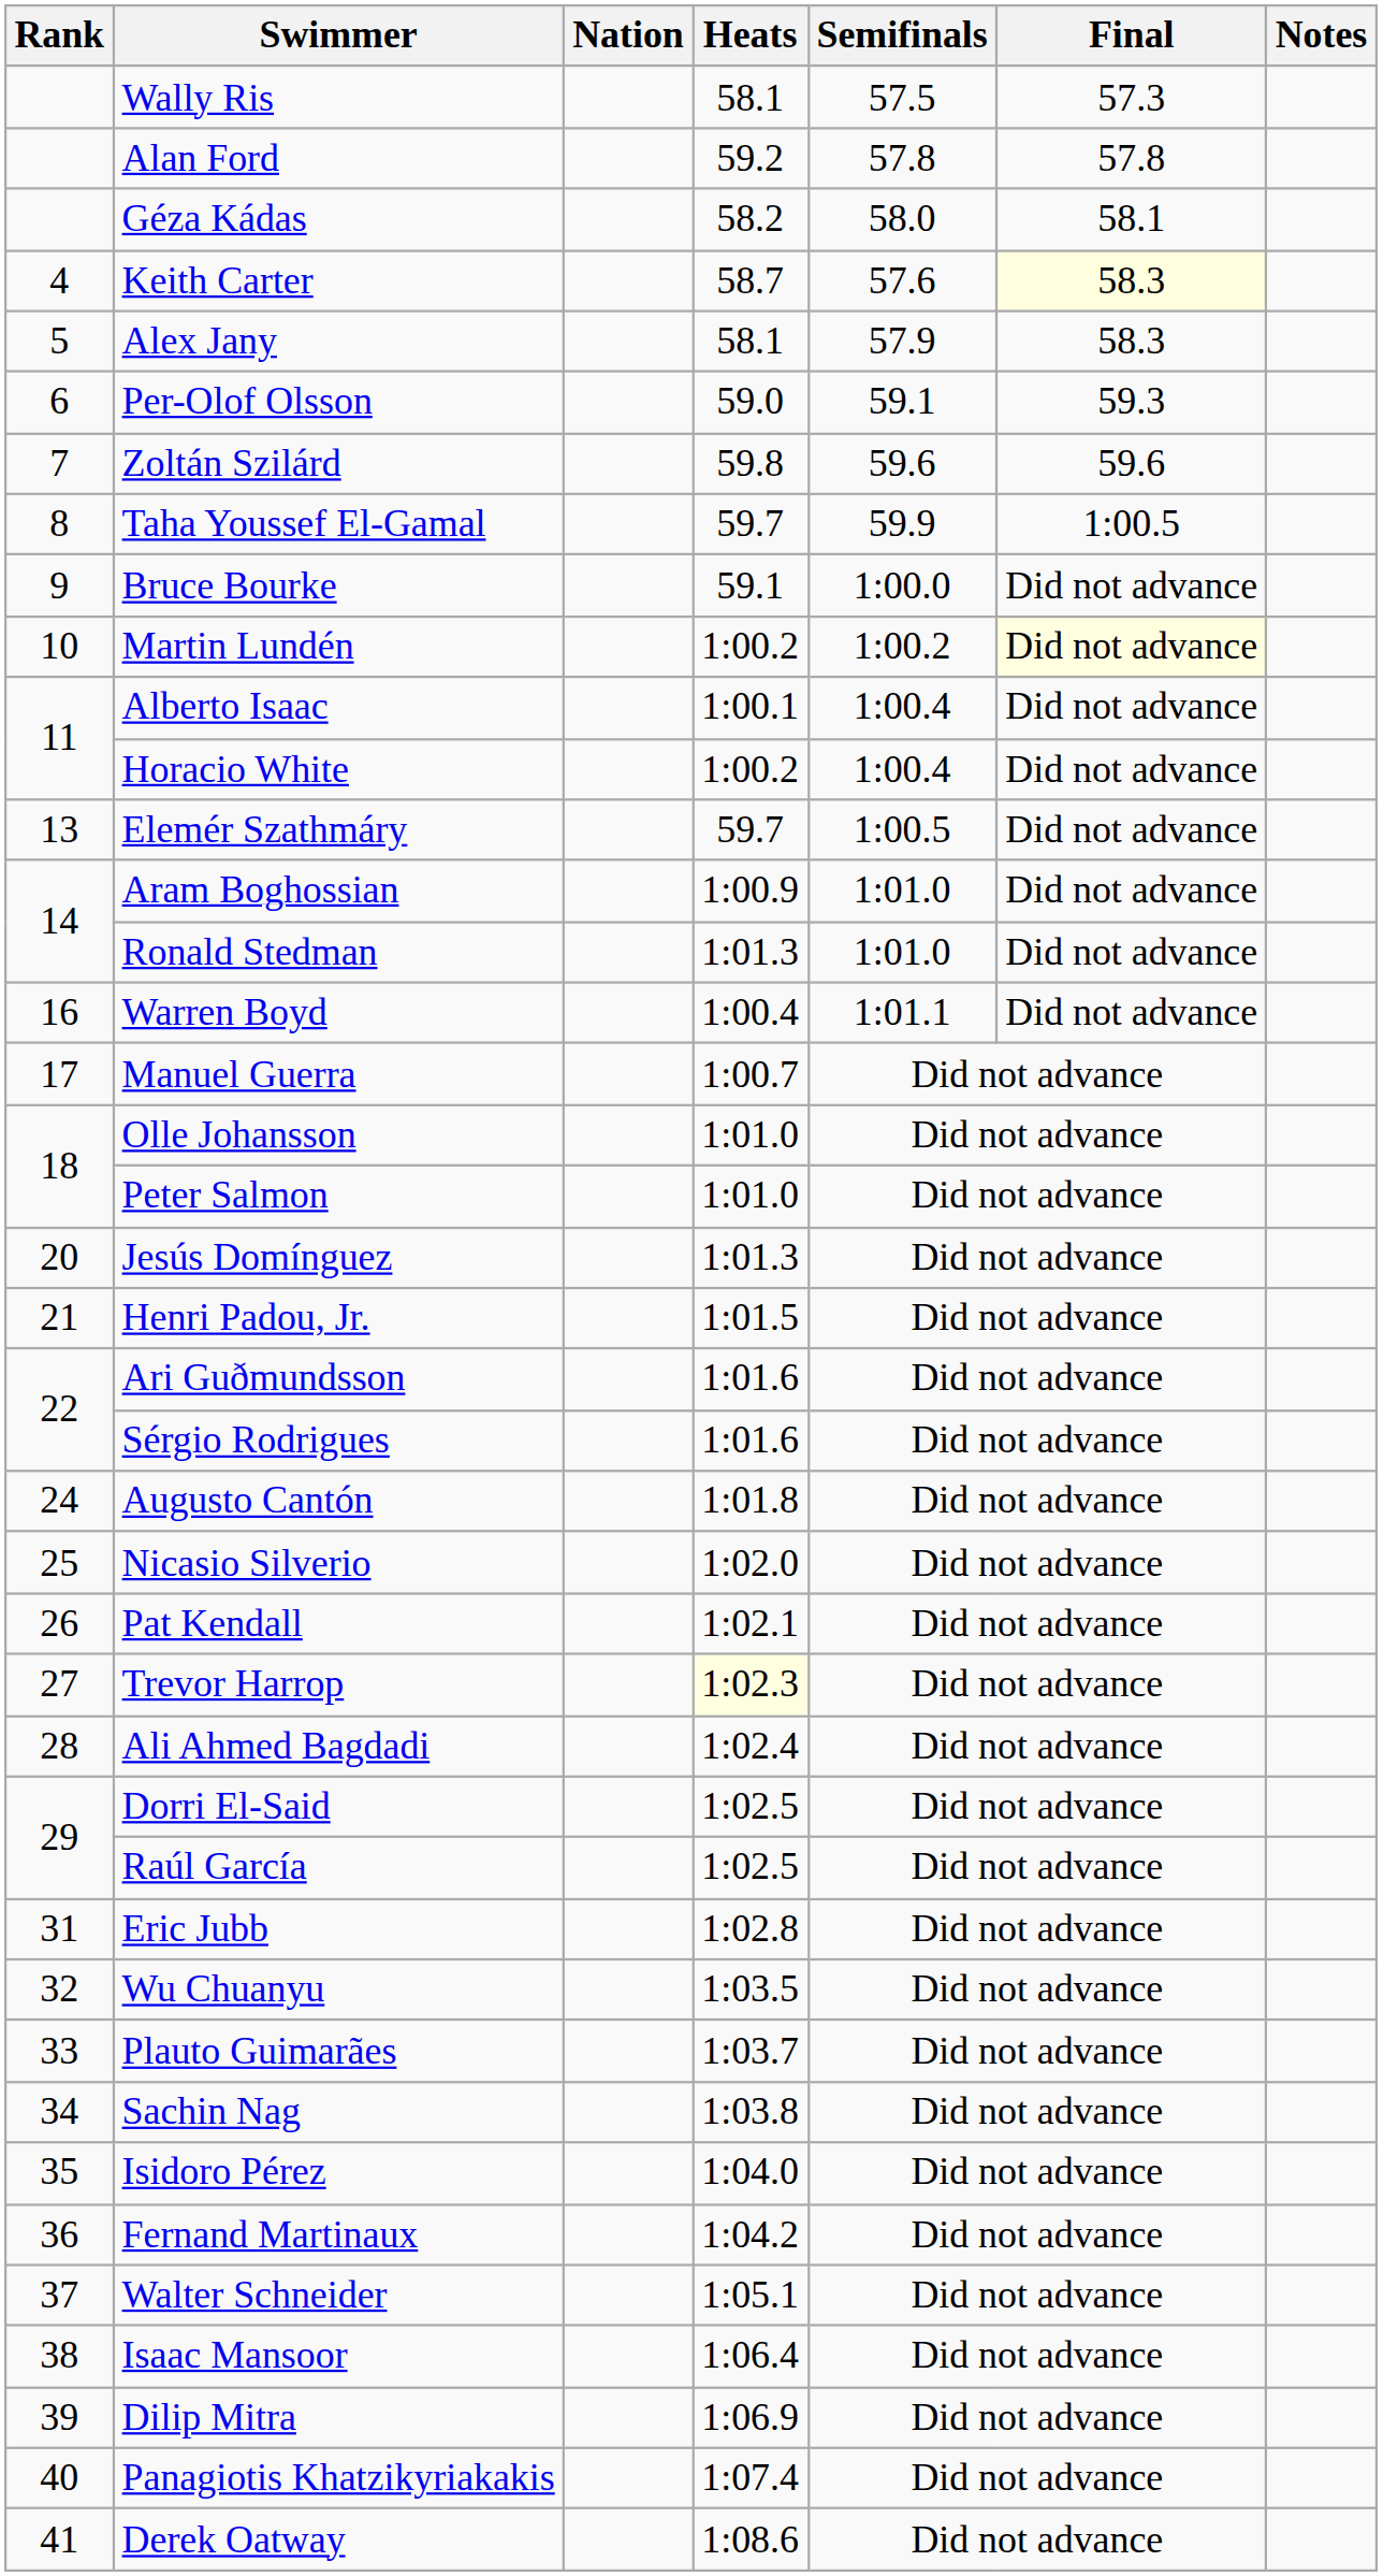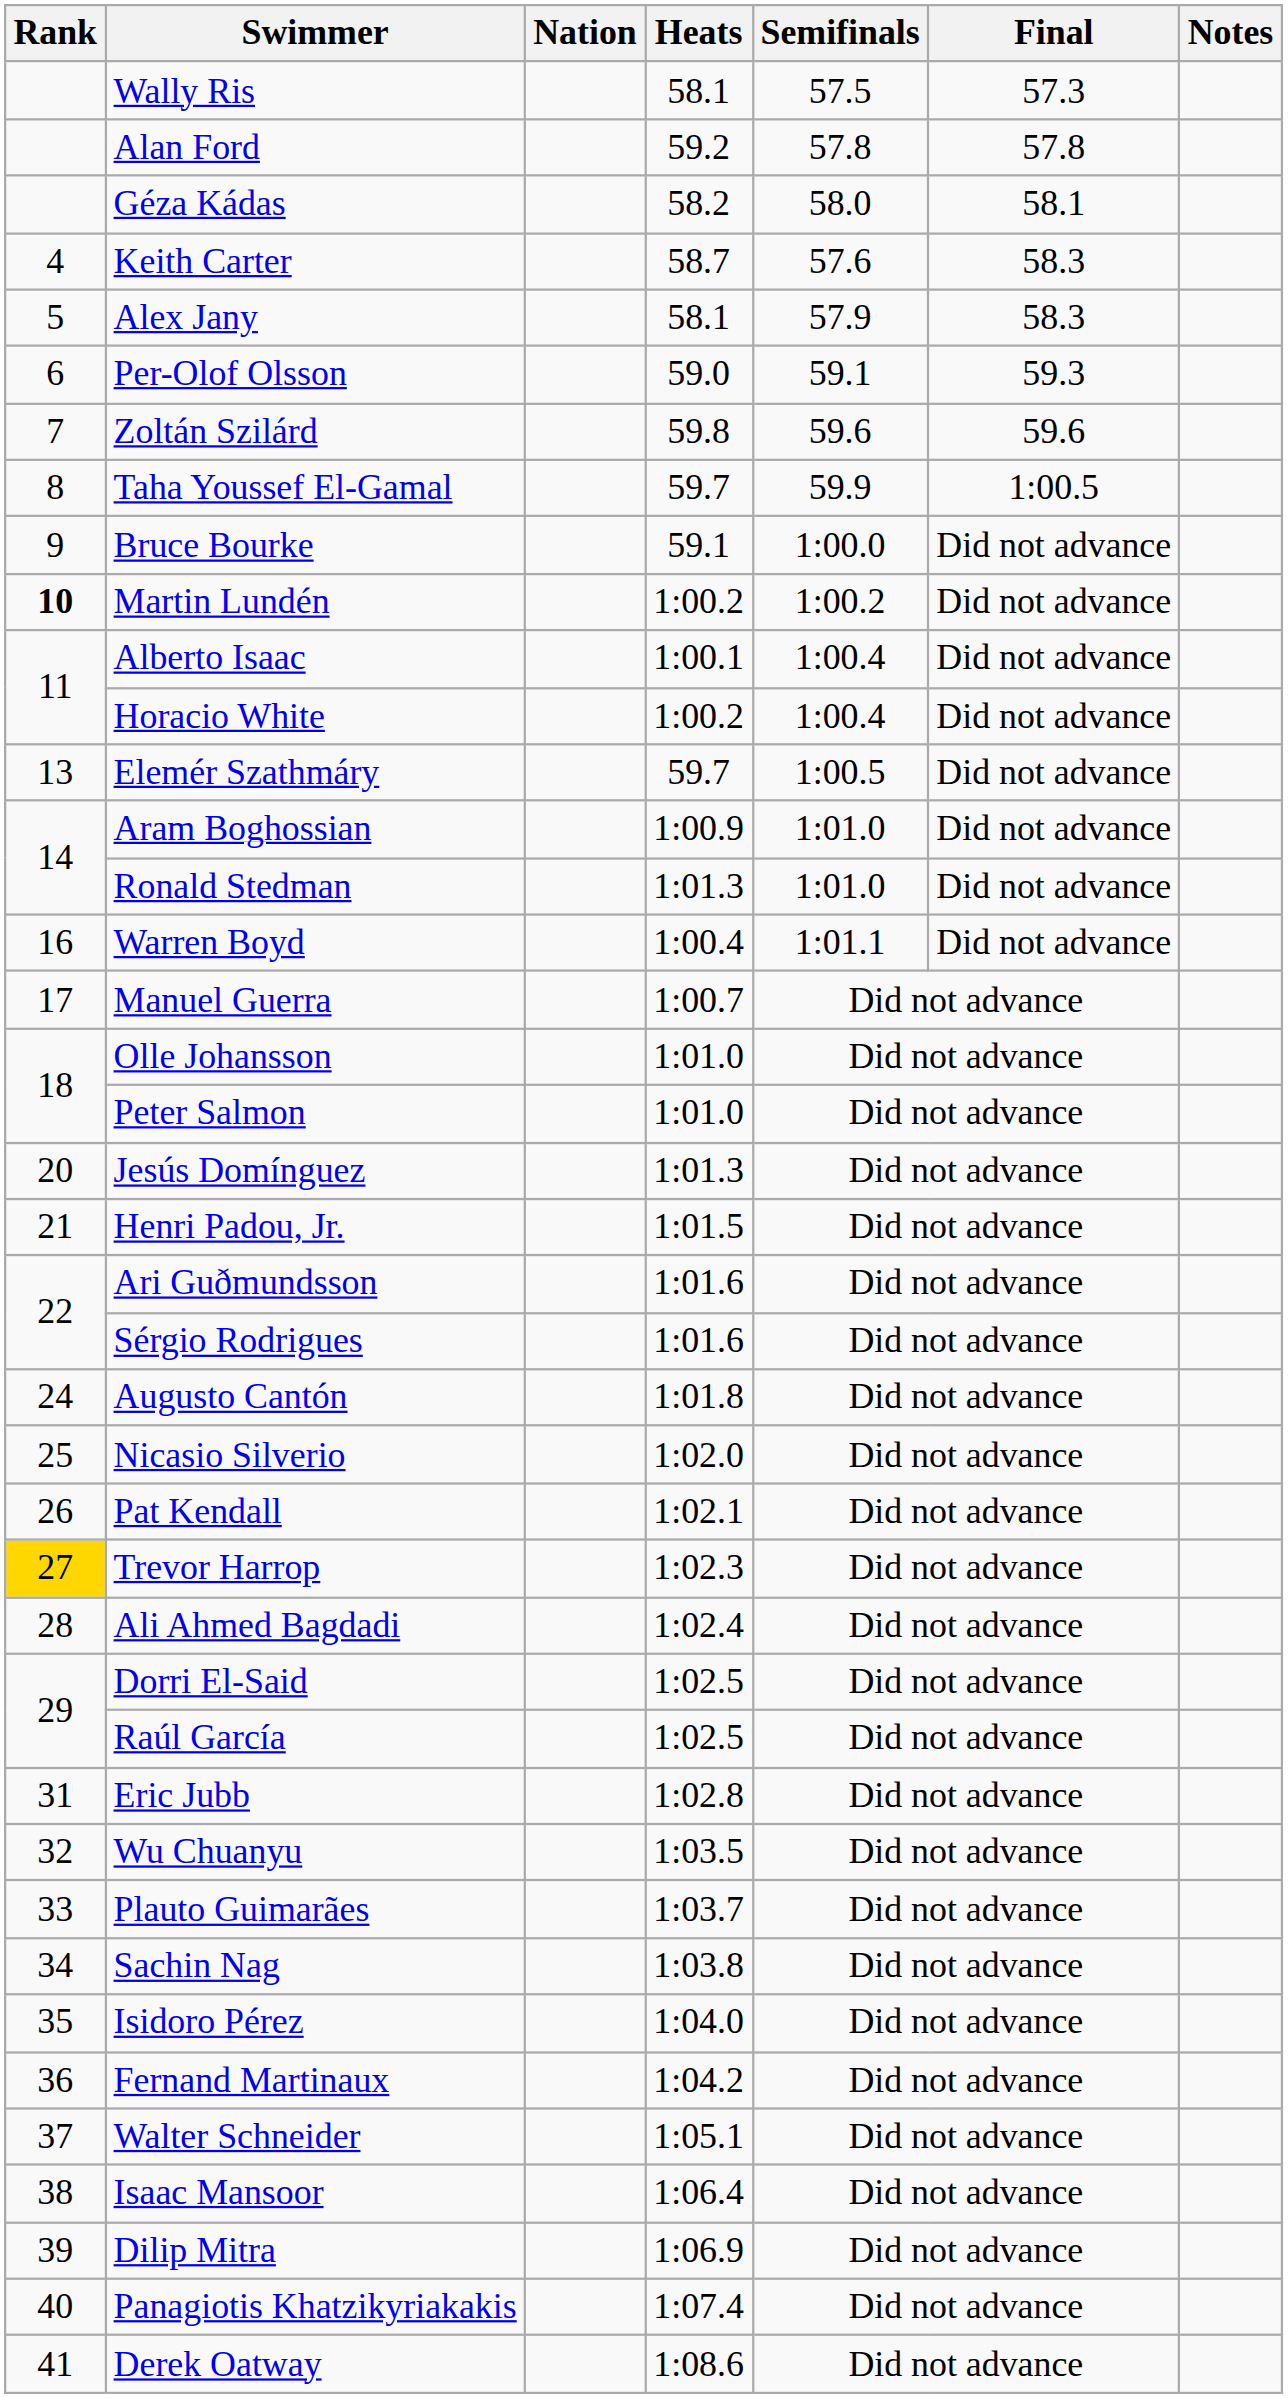 <table class="wikitable sortable" style="text-align:center">
 <tr>
 <th>Rank</th>
 <th>Swimmer</th>
 <th>Nation</th>
 <th>Heats</th>
 <th>Semifinals</th>
 <th>Final</th>
 <th>Notes</th>
 </tr>
 <tr>
 <td></td>
 <td align=left><a href='#'>Wally Ris</a></td>
 <td align=left></td>
 <td data-sort-value=0:58.1>58.1</td>
 <td>57.5</td>
 <td>57.3</td>
 <td></td>
 </tr>
 <tr>
 <td></td>
 <td align=left><a href='#'>Alan Ford</a></td>
 <td align=left></td>
 <td data-sort-value=0:59.2>59.2</td>
 <td>57.8</td>
 <td>57.8</td>
 <td></td>
 </tr>
 <tr>
 <td></td>
 <td align=left><a href='#'>Géza Kádas</a></td>
 <td align=left></td>
 <td data-sort-value=0:58.2>58.2</td>
 <td>58.0</td>
 <td>58.1</td>
 <td></td>
 </tr>
 <tr>
 <td>4</td>
 <td align=left><a href='#'>Keith Carter</a></td>
 <td align=left></td>
 <td data-sort-value=0:58.7>58.7</td>
 <td>57.6</td>
-<td style="background: lightyellow;">58.3</td>
+<td>58.3</td>
 <td></td>
 </tr>
 <tr>
 <td>5</td>
 <td align=left><a href='#'>Alex Jany</a></td>
 <td align=left></td>
 <td data-sort-value=0:58.1>58.1</td>
 <td>57.9</td>
 <td>58.3</td>
 <td></td>
 </tr>
 <tr>
 <td>6</td>
 <td align=left><a href='#'>Per-Olof Olsson</a></td>
 <td align=left></td>
 <td data-sort-value=0:59.0>59.0</td>
 <td>59.1</td>
 <td>59.3</td>
 <td></td>
 </tr>
 <tr>
 <td>7</td>
 <td align=left><a href='#'>Zoltán Szilárd</a></td>
 <td align=left></td>
 <td data-sort-value=0:59.8>59.8</td>
 <td>59.6</td>
 <td>59.6</td>
 <td></td>
 </tr>
 <tr>
 <td>8</td>
 <td align=left><a href='#'>Taha Youssef El-Gamal</a></td>
 <td align=left></td>
 <td data-sort-value=0:59.7>59.7</td>
 <td>59.9</td>
 <td data-sort-value=60.5>1:00.5</td>
 <td></td>
 </tr>
 <tr>
 <td>9</td>
 <td align=left><a href='#'>Bruce Bourke</a></td>
 <td align=left></td>
 <td data-sort-value=0:59.1>59.1</td>
 <td data-sort-value=60.0>1:00.0</td>
 <td data-sort-value=99.9>Did not advance</td>
 <td></td>
 </tr>
 <tr>
-<td>10</td>
+<td><strong>10</strong></td>
 <td align=left><a href='#'>Martin Lundén</a></td>
 <td align=left></td>
 <td>1:00.2</td>
 <td data-sort-value=60.2>1:00.2</td>
-<td data-sort-value=99.9 style="background: lightyellow;">Did not advance</td>
+<td data-sort-value=99.9>Did not advance</td>
 <td></td>
 </tr>
 <tr>
 <td rowspan=2>11</td>
 <td align=left><a href='#'>Alberto Isaac</a></td>
 <td align=left></td>
 <td>1:00.1</td>
 <td data-sort-value=60.4>1:00.4</td>
 <td data-sort-value=99.9>Did not advance</td>
 <td></td>
 </tr>
 <tr>
 <td align=left><a href='#'>Horacio White</a></td>
 <td align=left></td>
 <td>1:00.2</td>
 <td data-sort-value=60.4>1:00.4</td>
 <td data-sort-value=99.9>Did not advance</td>
 <td></td>
 </tr>
 <tr>
 <td>13</td>
 <td align=left><a href='#'>Elemér Szathmáry</a></td>
 <td align=left></td>
 <td data-sort-value=0:59.7>59.7</td>
 <td data-sort-value=60.5>1:00.5</td>
 <td data-sort-value=99.9>Did not advance</td>
 <td></td>
 </tr>
 <tr>
 <td rowspan=2>14</td>
 <td align=left><a href='#'>Aram Boghossian</a></td>
 <td align=left></td>
 <td>1:00.9</td>
 <td data-sort-value=61.0>1:01.0</td>
 <td data-sort-value=99.9>Did not advance</td>
 <td></td>
 </tr>
 <tr>
 <td align=left><a href='#'>Ronald Stedman</a></td>
 <td align=left></td>
 <td>1:01.3</td>
 <td data-sort-value=61.0>1:01.0</td>
 <td data-sort-value=99.9>Did not advance</td>
 <td></td>
 </tr>
 <tr>
 <td>16</td>
 <td align=left><a href='#'>Warren Boyd</a></td>
 <td align=left></td>
 <td>1:00.4</td>
 <td data-sort-value=61.1>1:01.1</td>
 <td data-sort-value=99.9>Did not advance</td>
 <td></td>
 </tr>
 <tr>
 <td>17</td>
 <td align=left><a href='#'>Manuel Guerra</a></td>
 <td align=left></td>
 <td>1:00.7</td>
 <td colspan=2 data-sort-value=99.9>Did not advance</td>
 <td></td>
 </tr>
 <tr>
 <td rowspan=2>18</td>
 <td align=left><a href='#'>Olle Johansson</a></td>
 <td align=left></td>
 <td>1:01.0</td>
 <td colspan=2 data-sort-value=99.9>Did not advance</td>
 <td></td>
 </tr>
 <tr>
 <td align=left><a href='#'>Peter Salmon</a></td>
 <td align=left></td>
 <td>1:01.0</td>
 <td colspan=2 data-sort-value=99.9>Did not advance</td>
 <td></td>
 </tr>
 <tr>
 <td>20</td>
 <td align=left><a href='#'>Jesús Domínguez</a></td>
 <td align=left></td>
 <td>1:01.3</td>
 <td colspan=2 data-sort-value=99.9>Did not advance</td>
 <td></td>
 </tr>
 <tr>
 <td>21</td>
 <td align=left><a href='#'>Henri Padou, Jr.</a></td>
 <td align=left></td>
 <td>1:01.5</td>
 <td colspan=2 data-sort-value=99.9>Did not advance</td>
 <td></td>
 </tr>
 <tr>
 <td rowspan=2>22</td>
 <td align=left><a href='#'>Ari Guðmundsson</a></td>
 <td align=left></td>
 <td>1:01.6</td>
 <td colspan=2 data-sort-value=99.9>Did not advance</td>
 <td></td>
 </tr>
 <tr>
 <td align=left><a href='#'>Sérgio Rodrigues</a></td>
 <td align=left></td>
 <td>1:01.6</td>
 <td colspan=2 data-sort-value=99.9>Did not advance</td>
 <td></td>
 </tr>
 <tr>
 <td>24</td>
 <td align=left><a href='#'>Augusto Cantón</a></td>
 <td align=left></td>
 <td>1:01.8</td>
 <td colspan=2 data-sort-value=99.9>Did not advance</td>
 <td></td>
 </tr>
 <tr>
 <td>25</td>
 <td align=left><a href='#'>Nicasio Silverio</a></td>
 <td align=left></td>
 <td>1:02.0</td>
 <td colspan=2 data-sort-value=99.9>Did not advance</td>
 <td></td>
 </tr>
 <tr>
 <td>26</td>
 <td align=left><a href='#'>Pat Kendall</a></td>
 <td align=left></td>
 <td>1:02.1</td>
 <td colspan=2 data-sort-value=99.9>Did not advance</td>
 <td></td>
 </tr>
 <tr>
-<td>27</td>
+<td style="background: gold;">27</td>
 <td align=left><a href='#'>Trevor Harrop</a></td>
 <td align=left></td>
-<td style="background: lightyellow;">1:02.3</td>
+<td>1:02.3</td>
 <td colspan=2 data-sort-value=99.9>Did not advance</td>
 <td></td>
 </tr>
 <tr>
 <td>28</td>
 <td align=left><a href='#'>Ali Ahmed Bagdadi</a></td>
 <td align=left></td>
 <td>1:02.4</td>
 <td colspan=2 data-sort-value=99.9>Did not advance</td>
 <td></td>
 </tr>
 <tr>
 <td rowspan=2>29</td>
 <td align=left><a href='#'>Dorri El-Said</a></td>
 <td align=left></td>
 <td>1:02.5</td>
 <td colspan=2 data-sort-value=99.9>Did not advance</td>
 <td></td>
 </tr>
 <tr>
 <td align=left><a href='#'>Raúl García</a></td>
 <td align=left></td>
 <td>1:02.5</td>
 <td colspan=2 data-sort-value=99.9>Did not advance</td>
 <td></td>
 </tr>
 <tr>
 <td>31</td>
 <td align=left><a href='#'>Eric Jubb</a></td>
 <td align=left></td>
 <td>1:02.8</td>
 <td colspan=2 data-sort-value=99.9>Did not advance</td>
 <td></td>
 </tr>
 <tr>
 <td>32</td>
 <td align=left><a href='#'>Wu Chuanyu</a></td>
 <td align=left></td>
 <td>1:03.5</td>
 <td colspan=2 data-sort-value=99.9>Did not advance</td>
 <td></td>
 </tr>
 <tr>
 <td>33</td>
 <td align=left><a href='#'>Plauto Guimarães</a></td>
 <td align=left></td>
 <td>1:03.7</td>
 <td colspan=2 data-sort-value=99.9>Did not advance</td>
 <td></td>
 </tr>
 <tr>
 <td>34</td>
 <td align=left><a href='#'>Sachin Nag</a></td>
 <td align=left></td>
 <td>1:03.8</td>
 <td colspan=2 data-sort-value=99.9>Did not advance</td>
 <td></td>
 </tr>
 <tr>
 <td>35</td>
 <td align=left><a href='#'>Isidoro Pérez</a></td>
 <td align=left></td>
 <td>1:04.0</td>
 <td colspan=2 data-sort-value=99.9>Did not advance</td>
 <td></td>
 </tr>
 <tr>
 <td>36</td>
 <td align=left><a href='#'>Fernand Martinaux</a></td>
 <td align=left></td>
 <td>1:04.2</td>
 <td colspan=2 data-sort-value=99.9>Did not advance</td>
 <td></td>
 </tr>
 <tr>
 <td>37</td>
 <td align=left><a href='#'>Walter Schneider</a></td>
 <td align=left></td>
 <td>1:05.1</td>
 <td colspan=2 data-sort-value=99.9>Did not advance</td>
 <td></td>
 </tr>
 <tr>
 <td>38</td>
 <td align=left><a href='#'>Isaac Mansoor</a></td>
 <td align=left></td>
 <td>1:06.4</td>
 <td colspan=2 data-sort-value=99.9>Did not advance</td>
 <td></td>
 </tr>
 <tr>
 <td>39</td>
 <td align=left><a href='#'>Dilip Mitra</a></td>
 <td align=left></td>
 <td>1:06.9</td>
 <td colspan=2 data-sort-value=99.9>Did not advance</td>
 <td></td>
 </tr>
 <tr>
 <td>40</td>
 <td align=left><a href='#'>Panagiotis Khatzikyriakakis</a></td>
 <td align=left></td>
 <td>1:07.4</td>
 <td colspan=2 data-sort-value=99.9>Did not advance</td>
 <td></td>
 </tr>
 <tr>
 <td>41</td>
 <td align=left><a href='#'>Derek Oatway</a></td>
 <td align=left></td>
 <td>1:08.6</td>
 <td colspan=2 data-sort-value=99.9>Did not advance</td>
 <td></td>
 </tr>
 </table>
